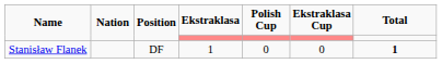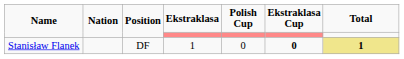 <table class="wikitable" style="font-size: 100%; text-align: center;">
 <tr>
 <td rowspan="2" width="20%" align="center"><strong>Name</strong></td>
 <td rowspan="2" width="10%" align="center"><strong>Nation</strong></td>
 <td rowspan="2" width="10%" align="center"><strong>Position</strong></td>
 <td colspan="1" align="center"><strong>Ekstraklasa</strong></td>
 <td colspan="1" align="center"><strong>Polish Cup</strong></td>
 <td colspan="1" align="center"><strong>Ekstraklasa Cup</strong></td>
 <td colspan="1" align="center"><strong>Total</strong></td>
 </tr>
 <tr>
 <th width=60 style="background: #FF8888"></th>
 <th width=60 style="background: #FF8888"></th>
 <th width=60 style="background: #FF8888"></th>
 </tr>
 <tr>
 <td><a href='#'>Stanisław Flanek</a></td>
 <td></td>
 <td>DF</td>
 <td>1</td>
 <td>0</td>
-<td>0</td>
-<td><strong>1</strong></td>
+<td><strong>0</strong></td>
+<td style="background: khaki;"><strong>1</strong></td>
 </tr>
 </table>
